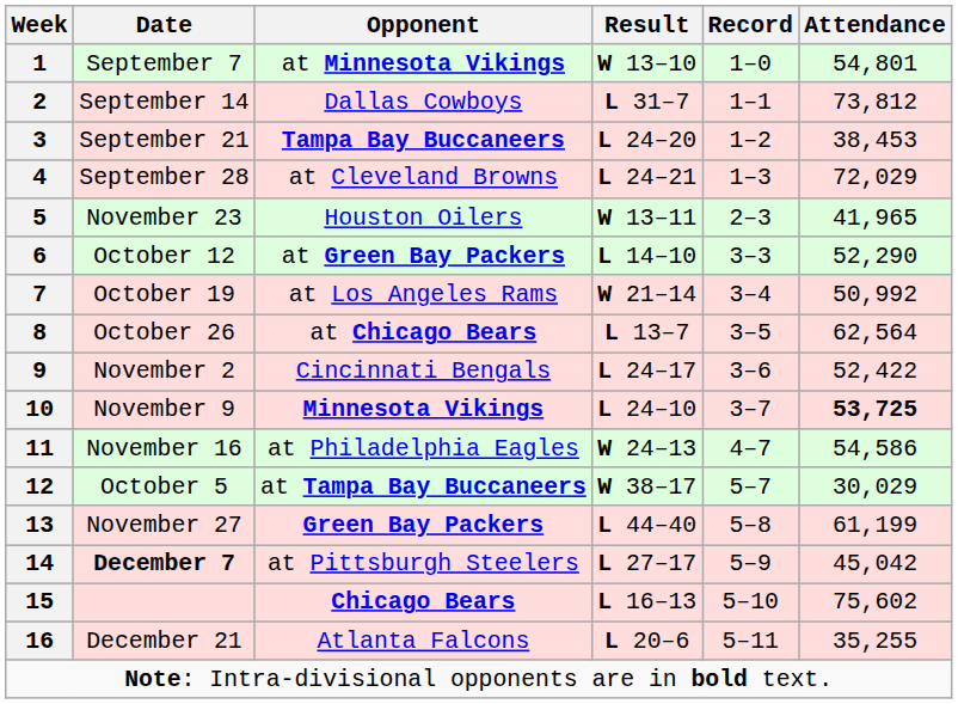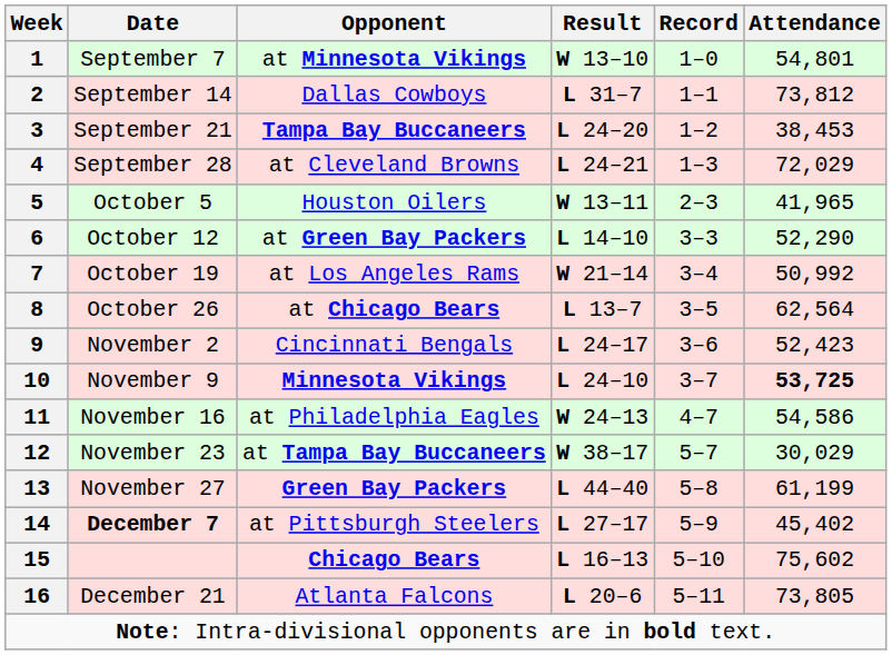 <table class="wikitable"  style="text-align: center;">
 <tr>
 <th>Week</th>
 <th>Date</th>
 <th>Opponent</th>
 <th>Result</th>
 <th>Record</th>
 <th>Attendance</th>
 </tr>
 <tr style="background: #ddffdd;">
 <th>1</th>
 <td>September 7</td>
 <td>at <strong><a href='#'>Minnesota Vikings</a></strong></td>
 <td><strong>W</strong> 13–10</td>
 <td>1–0</td>
 <td>54,801</td>
 </tr>
 <tr style="background: #ffdddd;">
 <th>2</th>
 <td>September 14</td>
 <td><a href='#'>Dallas Cowboys</a></td>
 <td><strong>L</strong> 31–7</td>
 <td>1–1</td>
 <td>73,812</td>
 </tr>
 <tr style="background: #ffdddd;">
 <th>3</th>
 <td>September 21</td>
 <td><strong><a href='#'>Tampa Bay Buccaneers</a></strong></td>
 <td><strong>L</strong> 24–20</td>
 <td>1–2</td>
 <td>38,453</td>
 </tr>
 <tr style="background: #ffdddd;">
 <th>4</th>
 <td>September 28</td>
 <td>at <a href='#'>Cleveland Browns</a></td>
 <td><strong>L</strong> 24–21</td>
 <td>1–3</td>
 <td>72,029</td>
 </tr>
 <tr style="background: #ddffdd;">
 <th>5</th>
-<td>November 23</td>
+<td>October 5</td>
 <td><a href='#'>Houston Oilers</a></td>
 <td><strong>W</strong> 13–11</td>
 <td>2–3</td>
 <td>41,965</td>
 </tr>
 <tr style="background: #ddffdd;">
 <th>6</th>
 <td>October 12</td>
 <td>at <strong><a href='#'>Green Bay Packers</a></strong></td>
 <td><strong>L</strong> 14–10</td>
 <td>3–3</td>
 <td>52,290</td>
 </tr>
 <tr style="background: #ffdddd;">
 <th>7</th>
 <td>October 19</td>
 <td>at <a href='#'>Los Angeles Rams</a></td>
 <td><strong>W</strong> 21–14</td>
 <td>3–4</td>
 <td>50,992</td>
 </tr>
 <tr style="background: #ffdddd;">
 <th>8</th>
 <td>October 26</td>
 <td>at <strong><a href='#'>Chicago Bears</a></strong></td>
 <td><strong>L</strong> 13–7</td>
 <td>3–5</td>
 <td>62,564</td>
 </tr>
 <tr style="background: #ffdddd;">
 <th>9</th>
 <td>November 2</td>
 <td><a href='#'>Cincinnati Bengals</a></td>
 <td><strong>L</strong> 24–17</td>
 <td>3–6</td>
-<td>52,422</td>
+<td>52,423</td>
 </tr>
 <tr style="background: #ffdddd;">
 <th>10</th>
 <td>November 9</td>
 <td><strong><a href='#'>Minnesota Vikings</a></strong></td>
 <td><strong>L</strong> 24–10</td>
 <td>3–7</td>
 <td><strong>53,725</strong></td>
 </tr>
 <tr style="background: #ddffdd;">
 <th>11</th>
 <td>November 16</td>
 <td>at <a href='#'>Philadelphia Eagles</a></td>
 <td><strong>W</strong> 24–13</td>
 <td>4–7</td>
 <td>54,586</td>
 </tr>
 <tr style="background: #ddffdd;">
 <th>12</th>
-<td>October 5</td>
+<td>November 23</td>
 <td>at <strong><a href='#'>Tampa Bay Buccaneers</a></strong></td>
 <td><strong>W</strong> 38–17</td>
 <td>5–7</td>
 <td>30,029</td>
 </tr>
 <tr style="background: #ffdddd;">
 <th>13</th>
 <td>November 27</td>
 <td><strong><a href='#'>Green Bay Packers</a></strong></td>
 <td><strong>L</strong> 44–40</td>
 <td>5–8</td>
 <td>61,199</td>
 </tr>
 <tr style="background: #ffdddd;">
 <th>14</th>
 <td><strong>December 7</strong></td>
 <td>at <a href='#'>Pittsburgh Steelers</a></td>
 <td><strong>L</strong> 27–17</td>
 <td>5–9</td>
-<td>45,042</td>
+<td>45,402</td>
 </tr>
 <tr style="background: #ffdddd;">
 <th>15</th>
 <td></td>
 <td><strong><a href='#'>Chicago Bears</a></strong></td>
 <td><strong>L</strong> 16–13</td>
 <td>5–10</td>
 <td>75,602</td>
 </tr>
 <tr style="background: #ffdddd;">
 <th>16</th>
 <td>December 21</td>
 <td><a href='#'>Atlanta Falcons</a></td>
 <td><strong>L</strong> 20–6</td>
 <td>5–11</td>
-<td>35,255</td>
+<td>73,805</td>
 </tr>
 <tr>
 <td colspan="6"><strong>Note</strong>: Intra-divisional opponents are in <strong>bold</strong> text.</td>
 </tr>
 </table>
